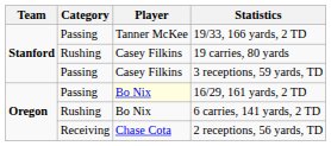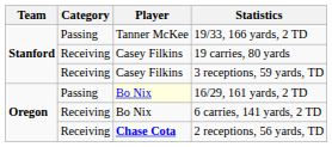 <table class="wikitable" style="float: right;">
 <tr>
 <th>Team</th>
 <th>Category</th>
 <th>Player</th>
 <th>Statistics</th>
 </tr>
 <tr>
 <td rowspan=3><strong>Stanford</strong></td>
 <td>Passing</td>
 <td>Tanner McKee</td>
 <td>19/33, 166 yards, 2 TD</td>
 </tr>
 <tr>
-<td>Rushing</td>
+<td>Receiving</td>
 <td>Casey Filkins</td>
 <td>19 carries, 80 yards</td>
 </tr>
 <tr>
-<td>Passing</td>
+<td>Receiving</td>
 <td>Casey Filkins</td>
 <td>3 receptions, 59 yards, TD</td>
 </tr>
 <tr>
 <td rowspan=3><strong>Oregon</strong></td>
 <td>Passing</td>
 <td style="background: lightyellow;"><a href='#'>Bo Nix</a></td>
 <td>16/29, 161 yards, 2 TD</td>
 </tr>
 <tr>
-<td>Rushing</td>
+<td>Receiving</td>
 <td>Bo Nix</td>
 <td>6 carries, 141 yards, 2 TD</td>
 </tr>
 <tr>
 <td>Receiving</td>
-<td><a href='#'>Chase Cota</a></td>
+<td><strong><a href='#'>Chase Cota</a></strong></td>
 <td>2 receptions, 56 yards, TD</td>
 </tr>
 </table>
